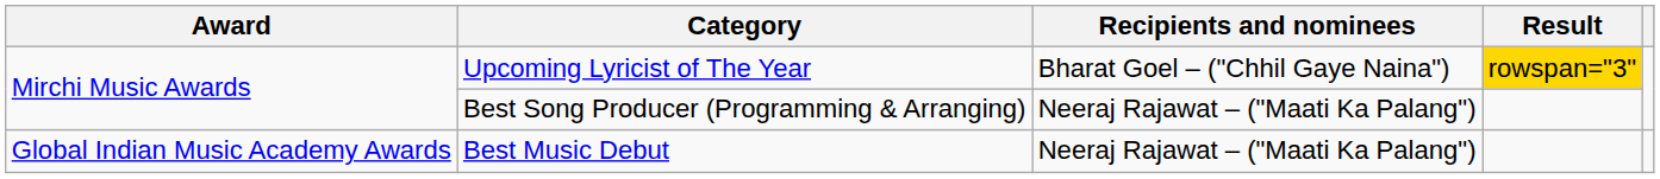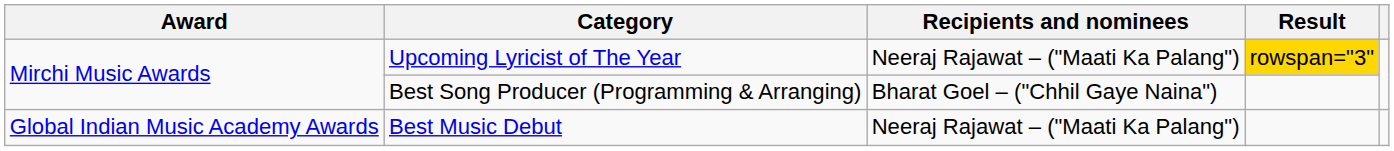 <table class="wikitable sortable">
 <tr>
 <th>Award</th>
 <th>Category</th>
 <th>Recipients and nominees</th>
 <th>Result</th>
 <th></th>
 </tr>
 <tr>
 <td rowspan="2"><a href='#'>Mirchi Music Awards</a></td>
 <td><a href='#'>Upcoming Lyricist of The Year</a></td>
-<td>Bharat Goel – ("Chhil Gaye Naina")</td>
+<td>Neeraj Rajawat – ("Maati Ka Palang")</td>
 <td style="background: gold;">rowspan="3" </td>
 <td rowspan="2"></td>
 </tr>
 <tr>
 <td>Best Song Producer (Programming & Arranging)</td>
-<td>Neeraj Rajawat – ("Maati Ka Palang")</td>
+<td>Bharat Goel – ("Chhil Gaye Naina")</td>
 </tr>
 <tr>
 <td><a href='#'>Global Indian Music Academy Awards</a></td>
 <td><a href='#'>Best Music Debut</a></td>
 <td>Neeraj Rajawat – ("Maati Ka Palang")</td>
 <td></td>
 </tr>
 </table>
